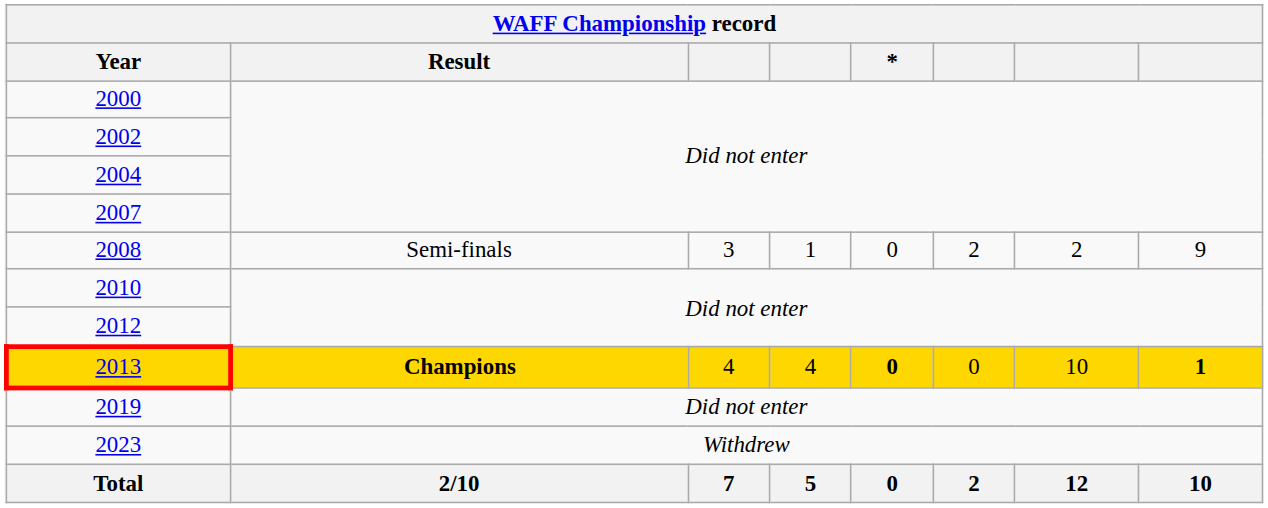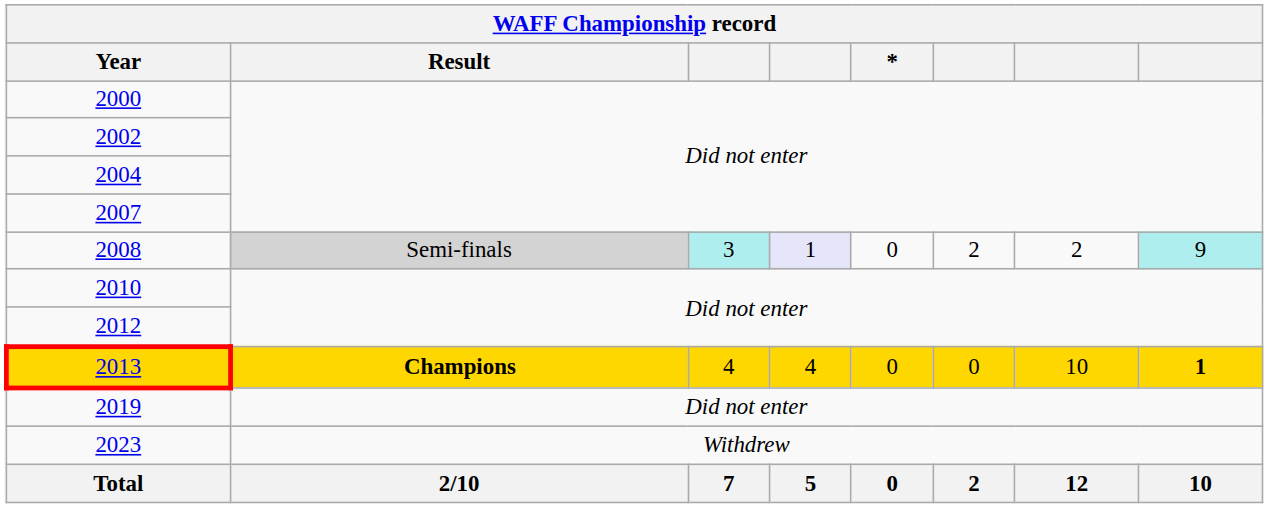 <table class="wikitable" class="wikitable" style="font-size:90%; text-align:center; width:50%">
 <tr>
 <th colspan=8><a href='#'>WAFF Championship</a> record</th>
 </tr>
 <tr>
 <th>Year</th>
 <th>Result</th>
 <th></th>
 <th></th>
 <th>*</th>
 <th></th>
 <th></th>
 <th></th>
 </tr>
 <tr>
 <td> <a href='#'>2000</a></td>
 <td rowspan=4 colspan=7><em>Did not enter</em></td>
 </tr>
 <tr>
 <td> <a href='#'>2002</a></td>
 </tr>
 <tr>
 <td> <a href='#'>2004</a></td>
 </tr>
 <tr>
 <td> <a href='#'>2007</a></td>
 </tr>
 <tr>
 <td> <a href='#'>2008</a></td>
-<td>Semi-finals</td>
-<td>3</td>
-<td>1</td>
+<td style="background: lightgrey;">Semi-finals</td>
+<td style="background: paleturquoise;">3</td>
+<td style="background: lavender;">1</td>
 <td>0</td>
 <td>2</td>
 <td>2</td>
-<td>9</td>
+<td style="background: paleturquoise;">9</td>
 </tr>
 <tr>
 <td> <a href='#'>2010</a></td>
 <td rowspan=2 colspan=7><em>Did not enter</em></td>
 </tr>
 <tr>
 <td> <a href='#'>2012</a></td>
 </tr>
 <tr style="background:gold;">
 <td style="border: 3px solid red"> <a href='#'>2013</a></td>
 <td><strong>Champions</strong></td>
 <td>4</td>
 <td>4</td>
-<td><strong>0</strong></td>
+<td>0</td>
 <td>0</td>
 <td>10</td>
 <td><strong>1</strong></td>
 </tr>
 <tr>
 <td> <a href='#'>2019</a></td>
 <td colspan=7><em>Did not enter</em></td>
 </tr>
 <tr>
 <td><a href='#'>2023</a></td>
 <td colspan=7><em>Withdrew</em></td>
 </tr>
 <tr>
 <th>Total</th>
 <th>2/10</th>
 <th>7</th>
 <th>5</th>
 <th>0</th>
 <th>2</th>
 <th>12</th>
 <th>10</th>
 </tr>
 </table>
